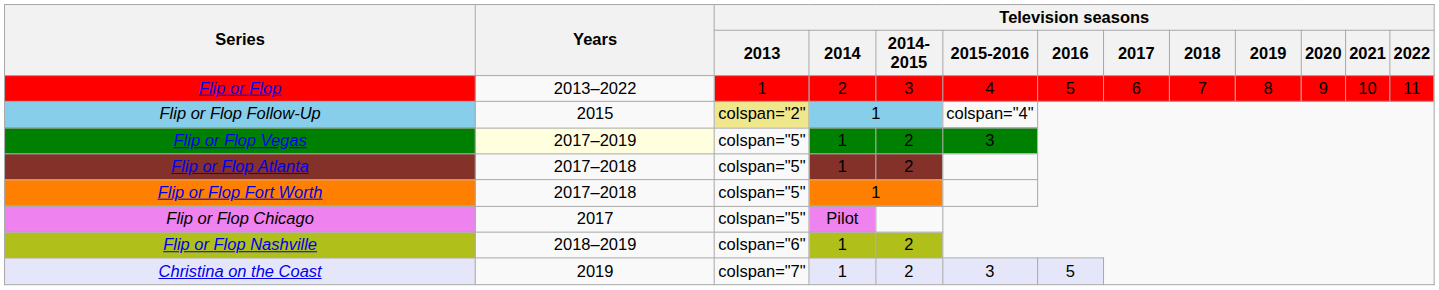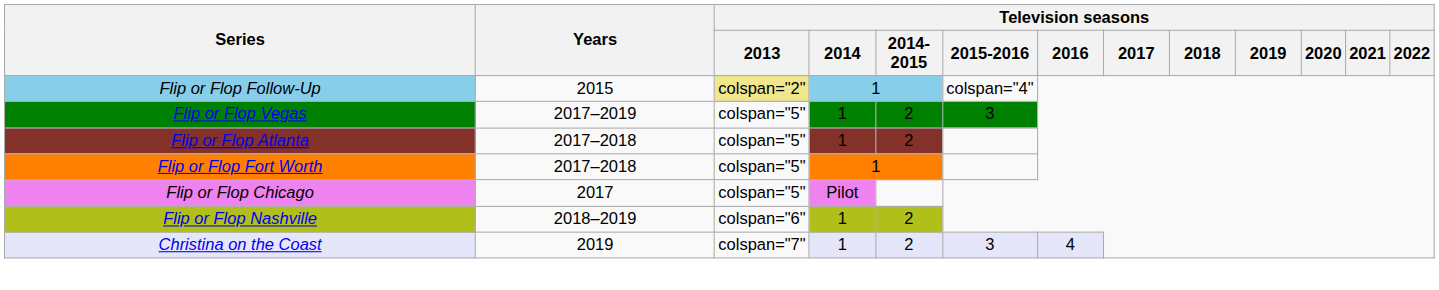 <table class="wikitable plainrowheaders" style="text-align:center; width:70%;">
 <tr>
 <th scope="col" rowspan="2" style="width:40%;">Series</th>
 <th scope="col" rowspan="2" style="width:20%;">Years</th>
 <th scope="col" colspan="11" style="width:40%;">Television seasons</th>
 </tr>
 <tr>
 <th scope="col" style="width:5%;">2013</th>
 <th scope="col" style="width:5%;">2014</th>
 <th scope="col" style="width:5%;">2014-2015</th>
 <th scope="col" style="width:5%;">2015-2016</th>
 <th scope="col" style="width:5%;">2016</th>
 <th scope="col" style="width:5%;">2017</th>
 <th scope="col" style="width:5%;">2018</th>
 <th scope="col" style="width:5%;">2019</th>
 <th scope="col" style="width:5%;">2020</th>
 <th scope="col" style="width:5%;">2021</th>
 <th scope="col" style="width:5%;">2022</th>
 </tr>
 <tr>
-<td scope="row" style="background:#ff0000;"><em><a href='#'>Flip or Flop</a></em></td>
-<td>2013–2022</td>
-<td style="background:#ff0000;">1</td>
-<td style="background:#ff0000;">2</td>
-<td style="background:#ff0000;">3</td>
-<td style="background:#ff0000;">4</td>
-<td style="background:#ff0000;">5</td>
-<td style="background:#ff0000;">6</td>
-<td style="background:#ff0000;">7</td>
-<td style="background:#ff0000;">8</td>
-<td style="background:#ff0000;">9</td>
-<td style="background:#ff0000;">10</td>
-<td style="background:#ff0000;">11</td>
-</tr>
-<tr>
 <td scope="row" style="background:#87ceeb;"><em>Flip or Flop Follow-Up</em></td>
 <td>2015</td>
 <td style="background: khaki;">colspan="2" </td>
 <td colspan="2" style="background:#87ceeb;">1</td>
 <td>colspan="4" </td>
 </tr>
 <tr>
 <td scope="row" style="background:#008000;"><em><a href='#'>Flip or Flop Vegas</a></em></td>
-<td style="background: lightyellow;">2017–2019</td>
+<td>2017–2019</td>
 <td>colspan="5" </td>
 <td style="background:#008000;">1</td>
 <td style="background:#008000;">2</td>
 <td style="background:#008000;">3</td>
 </tr>
 <tr>
 <td scope="row" style="background:#833129;"><em><a href='#'>Flip or Flop Atlanta</a></em></td>
 <td>2017–2018</td>
 <td>colspan="5" </td>
 <td style="background:#833129;">1</td>
 <td style="background:#833129;">2</td>
 <td></td>
 </tr>
 <tr>
 <td scope="row" style="background:#FF7F00;"><em><a href='#'>Flip or Flop Fort Worth</a></em></td>
 <td>2017–2018</td>
 <td>colspan="5" </td>
 <td style="background:#ff7f00;" colspan="2">1</td>
 <td></td>
 </tr>
 <tr>
 <td scope="row" style="background:#EE82EE;"><em>Flip or Flop Chicago</em></td>
 <td>2017</td>
 <td>colspan="5" </td>
 <td style="background:#EE82EE;">Pilot</td>
 <td></td>
 </tr>
 <tr>
 <td scope="row" style="background:#B0BF1A;"><em><a href='#'>Flip or Flop Nashville</a></em></td>
 <td>2018–2019</td>
 <td>colspan="6" </td>
 <td style="background:#B0BF1A;">1</td>
 <td style="background:#B0BF1A;">2</td>
 </tr>
 <tr>
 <td scope="row" style="background:#E6E6FA;"><em><a href='#'>Christina on the Coast</a></em></td>
 <td>2019</td>
 <td>colspan="7" </td>
 <td style="background:#E6E6FA;">1</td>
 <td style="background:#E6E6FA;">2</td>
 <td style="background:#E6E6FA;">3</td>
-<td style="background:#E6E6FA;">5</td>
+<td style="background:#E6E6FA;">4</td>
 </tr>
 </table>
